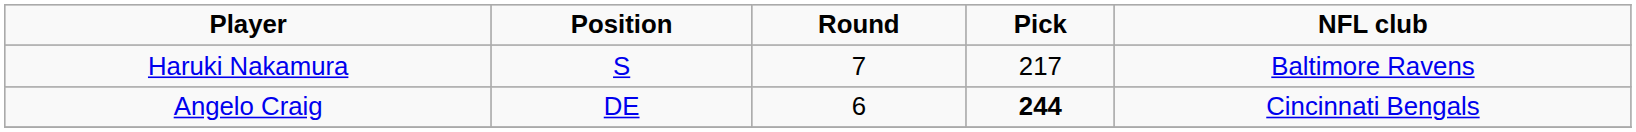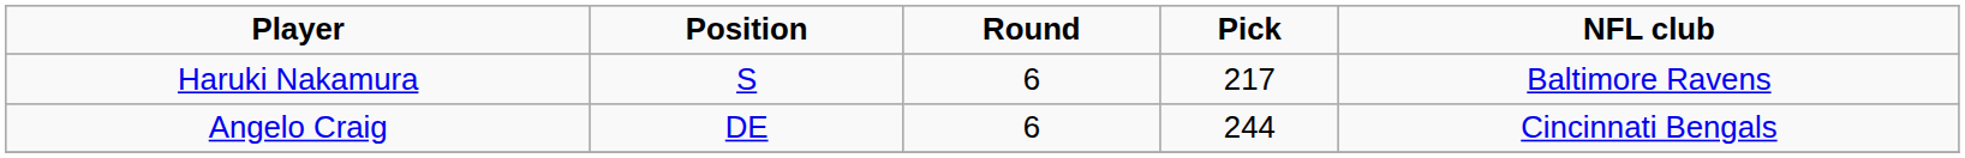 <table class="wikitable" width="80%">
 <tr align="center">
 <td><strong>Player</strong></td>
 <td><strong>Position</strong></td>
 <td><strong>Round</strong></td>
 <td><strong>Pick</strong></td>
 <td><strong>NFL club</strong></td>
 </tr>
 <tr align="center" bgcolor="">
 <td><a href='#'>Haruki Nakamura</a></td>
 <td><a href='#'>S</a></td>
-<td>7</td>
+<td>6</td>
 <td>217</td>
 <td><a href='#'>Baltimore Ravens</a></td>
 </tr>
 <tr align="center" bgcolor="">
 <td><a href='#'>Angelo Craig</a></td>
 <td><a href='#'>DE</a></td>
 <td>6</td>
-<td><strong>244</strong></td>
+<td>244</td>
 <td><a href='#'>Cincinnati Bengals</a></td>
 </tr>
 <tr align="center" bgcolor="">
 </tr>
 </table>
